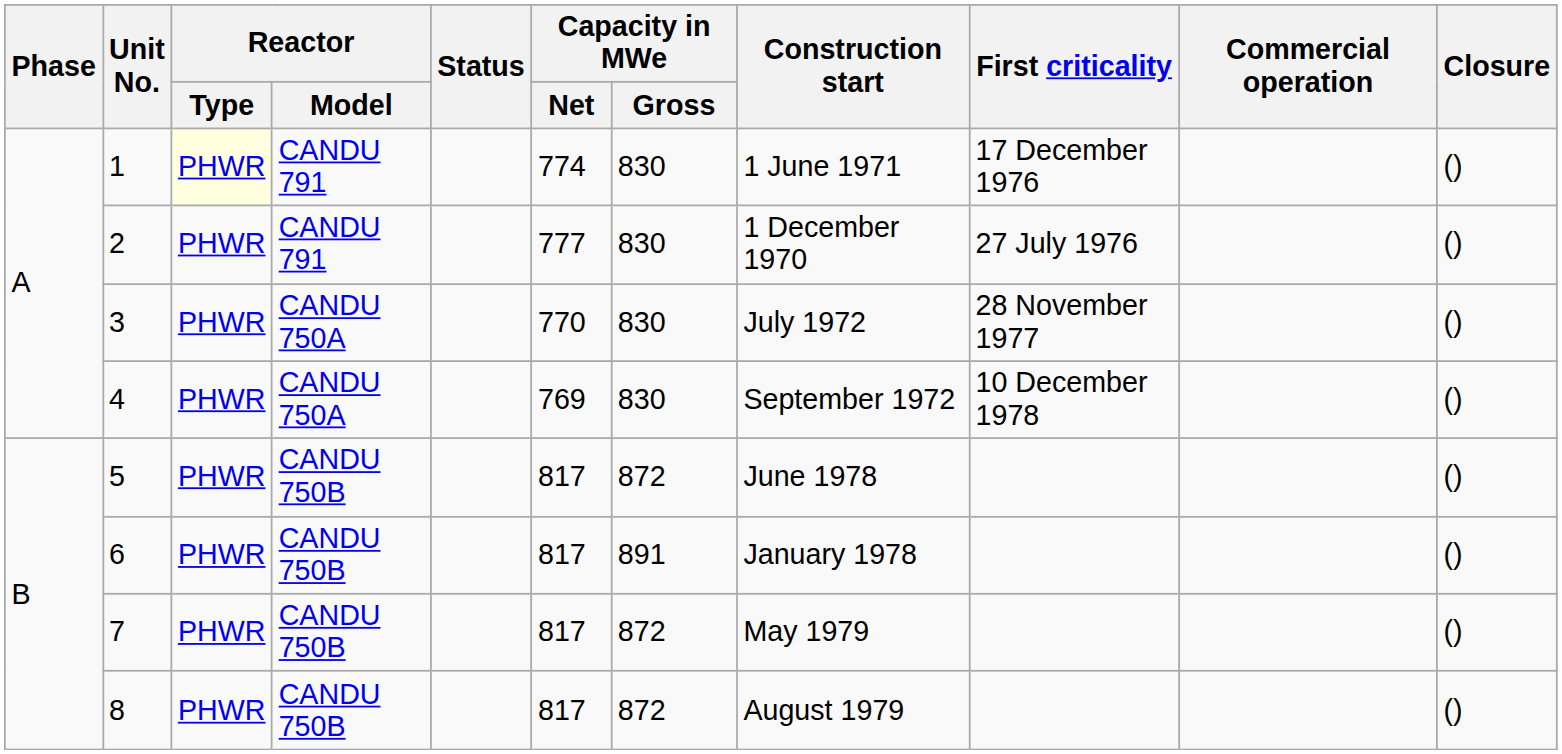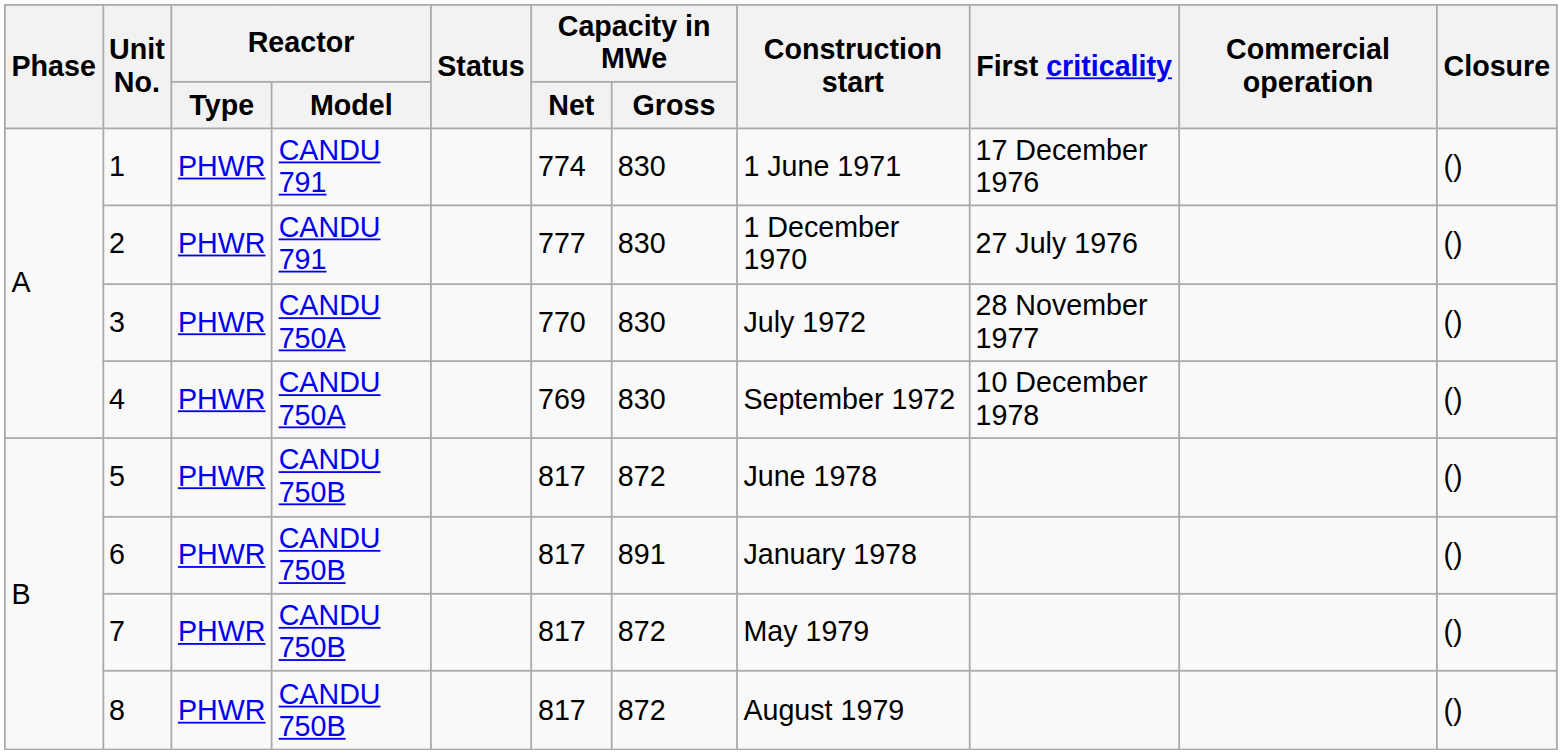 <table class="wikitable sortable mw-datatable">
 <tr>
 <th rowspan="2">Phase</th>
 <th rowspan="2">Unit<br>No.</th>
 <th colspan="2">Reactor</th>
 <th rowspan="2">Status</th>
 <th colspan="2">Capacity in MWe</th>
 <th rowspan="2">Construction start</th>
 <th rowspan="2">First <a href='#'>criticality</a></th>
 <th rowspan="2">Commercial operation</th>
 <th rowspan="2">Closure</th>
 </tr>
 <tr>
 <th>Type</th>
 <th>Model</th>
 <th>Net</th>
 <th>Gross</th>
 </tr>
 <tr>
 <td rowspan=4>A</td>
 <td>1</td>
-<td style="background: lightyellow;"><a href='#'>PHWR</a></td>
+<td><a href='#'>PHWR</a></td>
 <td><a href='#'>CANDU 791</a></td>
 <td></td>
 <td>774</td>
 <td>830</td>
 <td>1 June 1971</td>
 <td>17 December 1976</td>
 <td></td>
 <td>()</td>
 </tr>
 <tr>
 <td>2</td>
 <td><a href='#'>PHWR</a></td>
 <td><a href='#'>CANDU 791</a></td>
 <td></td>
 <td>777</td>
 <td>830</td>
 <td>1 December 1970</td>
 <td>27 July 1976</td>
 <td></td>
 <td>()</td>
 </tr>
 <tr>
 <td>3</td>
 <td><a href='#'>PHWR</a></td>
 <td><a href='#'>CANDU 750A</a></td>
 <td></td>
 <td>770</td>
 <td>830</td>
 <td>July 1972</td>
 <td>28 November 1977</td>
 <td></td>
 <td>()</td>
 </tr>
 <tr>
 <td>4</td>
 <td><a href='#'>PHWR</a></td>
 <td><a href='#'>CANDU 750A</a></td>
 <td></td>
 <td>769</td>
 <td>830</td>
 <td>September 1972</td>
 <td>10 December 1978</td>
 <td></td>
 <td>()</td>
 </tr>
 <tr>
 <td rowspan=4>B</td>
 <td>5</td>
 <td><a href='#'>PHWR</a></td>
 <td><a href='#'>CANDU 750B</a></td>
 <td></td>
 <td>817</td>
 <td>872</td>
 <td>June 1978</td>
 <td></td>
 <td></td>
 <td>()</td>
 </tr>
 <tr>
 <td>6</td>
 <td><a href='#'>PHWR</a></td>
 <td><a href='#'>CANDU 750B</a></td>
 <td></td>
 <td>817</td>
 <td>891</td>
 <td>January 1978</td>
 <td></td>
 <td></td>
 <td>()</td>
 </tr>
 <tr>
 <td>7</td>
 <td><a href='#'>PHWR</a></td>
 <td><a href='#'>CANDU 750B</a></td>
 <td></td>
 <td>817</td>
 <td>872</td>
 <td>May 1979</td>
 <td></td>
 <td></td>
 <td>()</td>
 </tr>
 <tr>
 <td>8</td>
 <td><a href='#'>PHWR</a></td>
 <td><a href='#'>CANDU 750B</a></td>
 <td></td>
 <td>817</td>
 <td>872</td>
 <td>August 1979</td>
 <td></td>
 <td></td>
 <td>()</td>
 </tr>
 </table>
